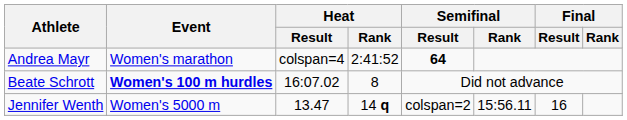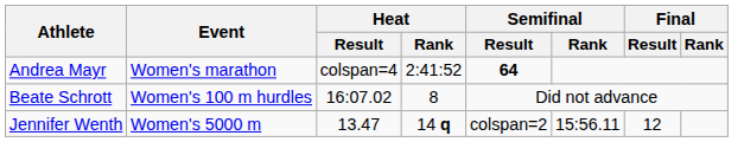 <table class="wikitable" style="font-size:90%">
 <tr>
 <th rowspan="2">Athlete</th>
 <th rowspan="2">Event</th>
 <th colspan="2">Heat</th>
 <th colspan="2">Semifinal</th>
 <th colspan="2">Final</th>
 </tr>
 <tr style="font-size:95%">
 <th>Result</th>
 <th>Rank</th>
 <th>Result</th>
 <th>Rank</th>
 <th>Result</th>
 <th>Rank</th>
 </tr>
 <tr align=center>
 <td align=left><a href='#'>Andrea Mayr</a></td>
 <td align=left><a href='#'>Women's marathon</a></td>
 <td>colspan=4 </td>
 <td>2:41:52</td>
 <td><strong>64</strong></td>
 </tr>
 <tr align=center>
 <td align=left><a href='#'>Beate Schrott</a></td>
-<td align=left><strong><a href='#'>Women's 100 m hurdles</a></strong></td>
+<td align=left><a href='#'>Women's 100 m hurdles</a></td>
 <td>16:07.02</td>
 <td>8</td>
 <td colspan=4>Did not advance</td>
 </tr>
 <tr align=center>
 <td align=left><a href='#'>Jennifer Wenth</a></td>
 <td align=left><a href='#'>Women's 5000 m</a></td>
 <td>13.47</td>
 <td>14 <strong>q</strong></td>
 <td>colspan=2 </td>
 <td>15:56.11</td>
-<td>16</td>
+<td>12</td>
 </tr>
 </table>
